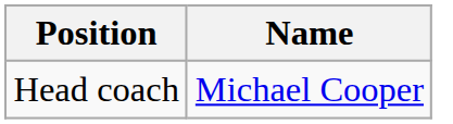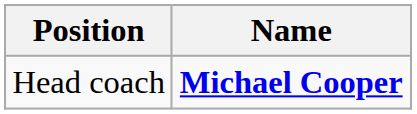 <table class="wikitable">
 <tr>
 <th>Position</th>
 <th>Name</th>
 </tr>
 <tr>
 <td>Head coach</td>
-<td> <a href='#'>Michael Cooper</a></td>
+<td><strong> <a href='#'>Michael Cooper</a></strong></td>
 </tr>
 </table>
